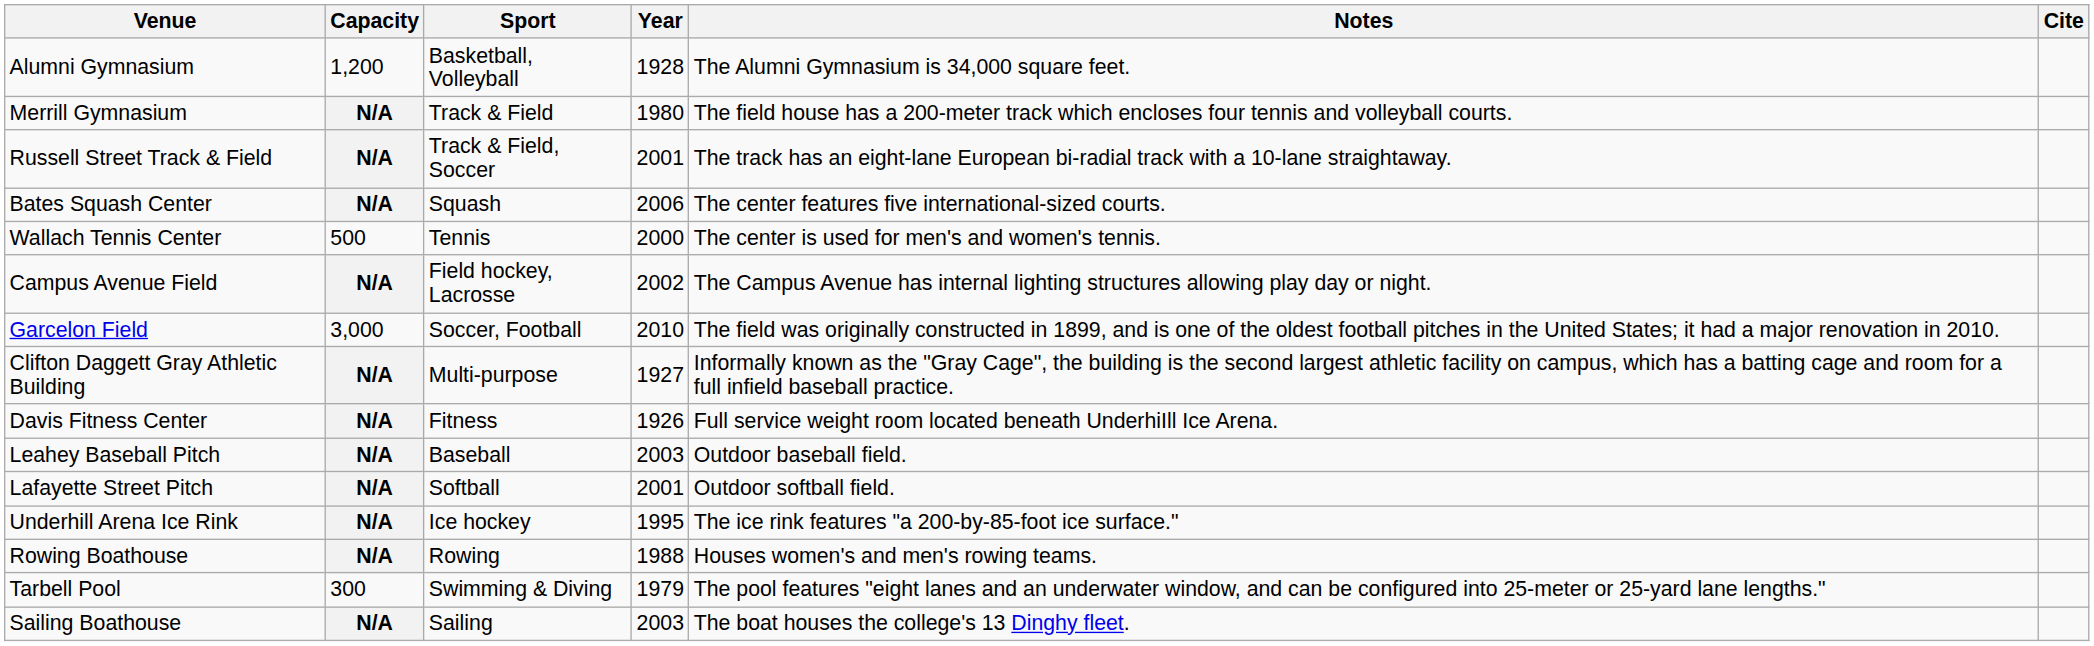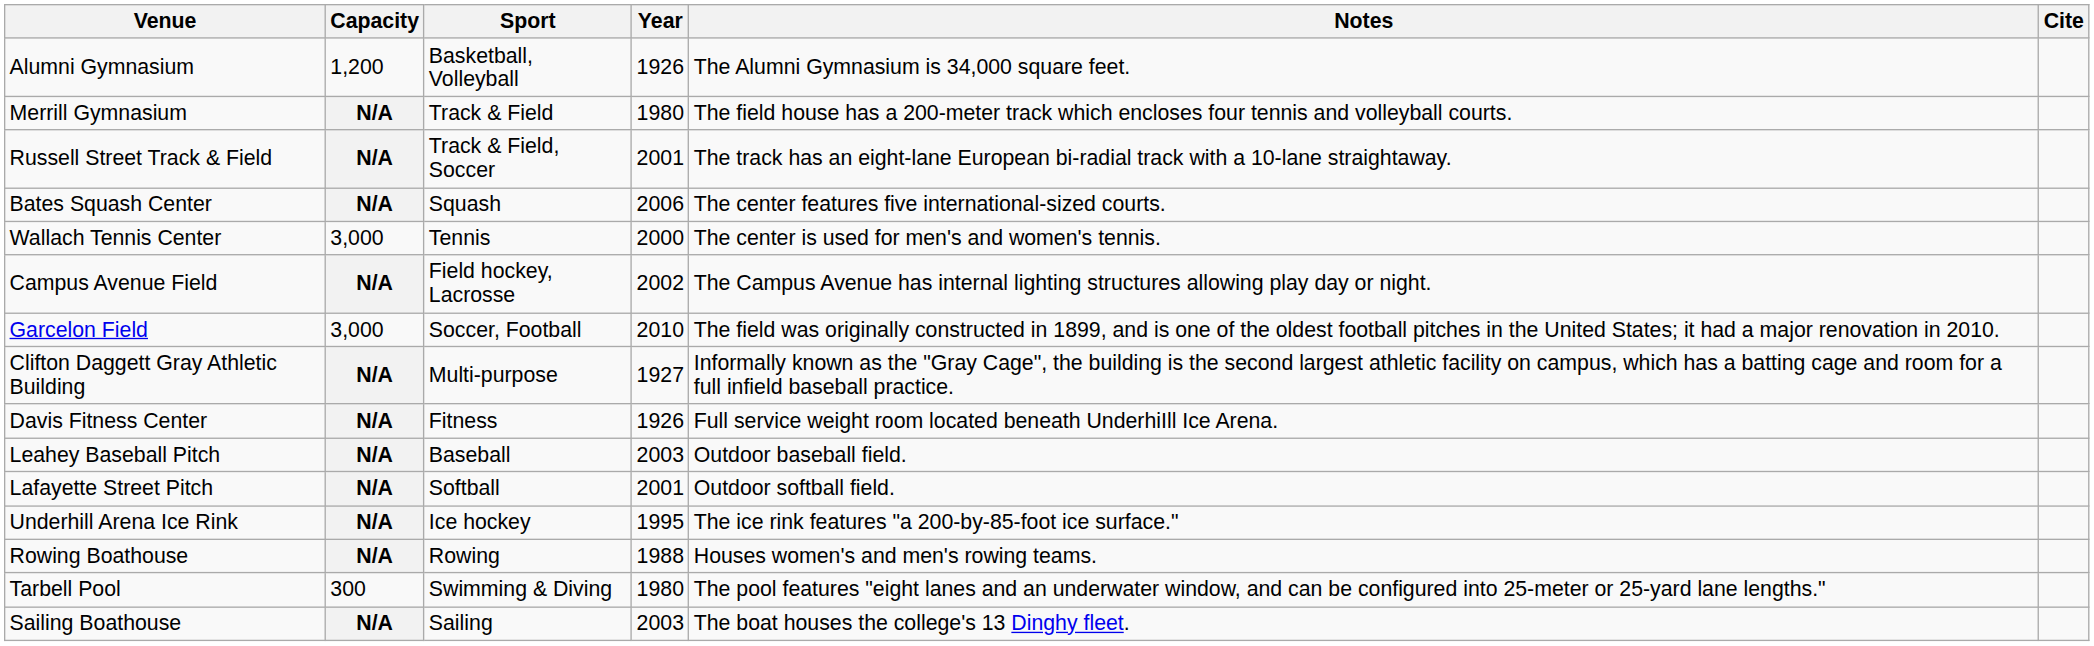 <table class="wikitable sortable" style="text-align: ">
 <tr>
 <th width=px>Venue</th>
 <th width=px>Capacity</th>
 <th width=px>Sport</th>
 <th width=px>Year</th>
 <th width=px>Notes</th>
 <th width=px>Cite</th>
 </tr>
 <tr>
 <td>Alumni Gymnasium</td>
 <td>1,200</td>
 <td>Basketball, Volleyball</td>
-<td>1928</td>
+<td>1926</td>
 <td>The Alumni Gymnasium is 34,000 square feet.</td>
 <td></td>
 </tr>
 <tr>
 <td>Merrill Gymnasium</td>
 <th><strong>N/A</strong></th>
 <td>Track & Field</td>
 <td>1980</td>
 <td>The field house has a 200-meter track which encloses four tennis and volleyball courts.</td>
 <td></td>
 </tr>
 <tr>
 <td>Russell Street Track & Field</td>
 <th><strong>N/A</strong></th>
 <td>Track & Field, Soccer</td>
 <td>2001</td>
 <td>The track has an eight-lane European bi-radial track with a 10-lane straightaway.</td>
 <td></td>
 </tr>
 <tr>
 <td>Bates Squash Center</td>
 <th><strong>N/A</strong></th>
 <td>Squash</td>
 <td>2006</td>
 <td>The center features five international-sized courts.</td>
 <td></td>
 </tr>
 <tr>
 <td>Wallach Tennis Center</td>
-<td>500</td>
+<td>3,000</td>
 <td>Tennis</td>
 <td>2000</td>
 <td>The center is used for men's and women's tennis.</td>
 <td></td>
 </tr>
 <tr>
 <td>Campus Avenue Field</td>
 <th><strong>N/A</strong></th>
 <td>Field hockey, Lacrosse</td>
 <td>2002</td>
 <td>The Campus Avenue has internal lighting structures allowing play day or night.</td>
 <td></td>
 </tr>
 <tr>
 <td><a href='#'>Garcelon Field</a></td>
 <td>3,000</td>
 <td>Soccer, Football</td>
 <td>2010</td>
 <td>The field was originally constructed in 1899, and is one of the oldest football pitches in the United States; it had a major renovation in 2010.</td>
 <td></td>
 </tr>
 <tr>
 <td>Clifton Daggett Gray Athletic Building</td>
 <th><strong>N/A</strong></th>
 <td>Multi-purpose</td>
 <td>1927</td>
 <td>Informally known as the "Gray Cage", the building is the second largest athletic facility on campus, which has a batting cage and room for a full infield baseball practice.</td>
 <td></td>
 </tr>
 <tr>
 <td>Davis Fitness Center</td>
 <th><strong>N/A</strong></th>
 <td>Fitness</td>
 <td>1926</td>
 <td>Full service weight room located beneath UnderhiIll Ice Arena.</td>
 <td></td>
 </tr>
 <tr>
 <td>Leahey Baseball Pitch</td>
 <th><strong>N/A</strong></th>
 <td>Baseball</td>
 <td>2003</td>
 <td>Outdoor baseball field.</td>
 <td></td>
 </tr>
 <tr>
 <td>Lafayette Street Pitch</td>
 <th><strong>N/A</strong></th>
 <td>Softball</td>
 <td>2001</td>
 <td>Outdoor softball field.</td>
 <td></td>
 </tr>
 <tr>
 <td>Underhill Arena Ice Rink</td>
 <th><strong>N/A</strong></th>
 <td>Ice hockey</td>
 <td>1995</td>
 <td>The ice rink features "a 200-by-85-foot ice surface."</td>
 <td></td>
 </tr>
 <tr>
 <td>Rowing Boathouse</td>
 <th><strong>N/A</strong></th>
 <td>Rowing</td>
 <td>1988</td>
 <td>Houses women's and men's rowing teams.</td>
 <td></td>
 </tr>
 <tr>
 <td>Tarbell Pool</td>
 <td>300</td>
 <td>Swimming & Diving</td>
-<td>1979</td>
+<td>1980</td>
 <td>The pool features "eight lanes and an underwater window, and can be configured into 25-meter or 25-yard lane lengths."</td>
 <td></td>
 </tr>
 <tr>
 <td>Sailing Boathouse</td>
 <th><strong>N/A</strong></th>
 <td>Sailing</td>
 <td>2003</td>
 <td>The boat houses the college's 13 <a href='#'>Dinghy fleet</a>.</td>
 <td></td>
 </tr>
 </table>
